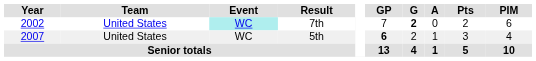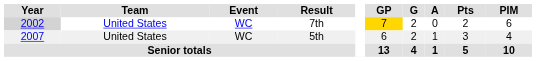 <table border="0" cellpadding="1" cellspacing="0" style="text-align:center; width:50em">
 <tr ALIGN="center" bgcolor="#e0e0e0">
 <th>Year</th>
 <th>Team</th>
 <th>Event</th>
 <th>Result</th>
 <th rowspan="99" bgcolor="#ffffff"> </th>
 <th>GP</th>
 <th>G</th>
 <th>A</th>
 <th>Pts</th>
 <th>PIM</th>
 </tr>
 <tr>
-<td><a href='#'>2002</a></td>
+<td style="background: lightgrey;"><a href='#'>2002</a></td>
 <td><a href='#'>United States</a></td>
-<td style="background: paleturquoise;"><a href='#'>WC</a></td>
+<td><a href='#'>WC</a></td>
 <td>7th</td>
-<td>7</td>
-<td><strong>2</strong></td>
+<td style="background: gold;">7</td>
+<td>2</td>
 <td>0</td>
 <td>2</td>
 <td>6</td>
 </tr>
 <tr bgcolor="#f0f0f0">
 <td><a href='#'>2007</a></td>
 <td>United States</td>
 <td>WC</td>
 <td>5th</td>
-<td><strong>6</strong></td>
+<td>6</td>
 <td>2</td>
 <td>1</td>
 <td>3</td>
 <td>4</td>
 </tr>
 <tr bgcolor="#e0e0e0">
 <th colspan="4">Senior totals</th>
 <th>13</th>
 <th>4</th>
 <th>1</th>
 <th>5</th>
 <th>10</th>
 </tr>
 </table>
